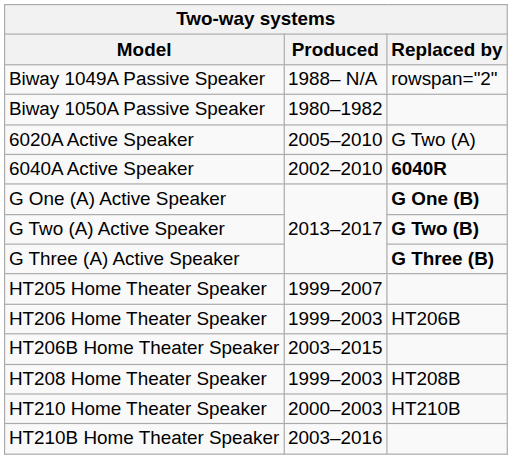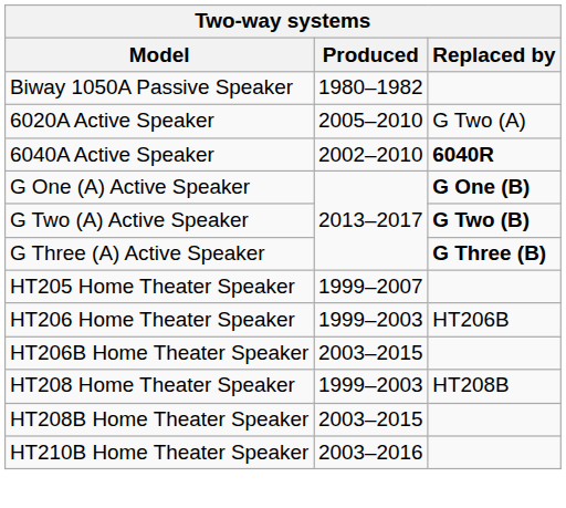 <table class="wikitable sortable mw-collapsible mw-collapsed" style="display: inline-table; margin-top: 0px; margin-bottom: 15px; margin-left: 0px; margin-right: 2.5px;">
 <tr>
 <th colspan="3">Two-way systems</th>
 </tr>
 <tr>
 <th>Model</th>
 <th>Produced</th>
 <th>Replaced by</th>
-</tr>
-<tr>
-<td data-sort-value="1049A">Biway 1049A Passive Speaker</td>
-<td style="text-align: center;">1988– N/A </td>
-<td>rowspan="2" </td>
 </tr>
 <tr>
 <td data-sort-value="1050A">Biway 1050A Passive Speaker</td>
 <td style="text-align: center;">1980–1982</td>
 </tr>
 <tr>
 <td>6020A Active Speaker</td>
 <td style="text-align: center;">2005–2010</td>
 <td data-sort-value="G2">G Two (A)</td>
 </tr>
 <tr>
 <td>6040A Active Speaker</td>
 <td style="text-align: center;">2002–2010</td>
 <td><strong>6040R</strong></td>
 </tr>
 <tr>
 <td data-sort-value="G1">G One (A) Active Speaker</td>
 <td style="text-align: center;" rowspan="3">2013–2017</td>
 <td data-sort-value="G1"><strong>G One (B)</strong></td>
 </tr>
 <tr>
 <td data-sort-value="G2">G Two (A) Active Speaker</td>
 <td data-sort-value="G2"><strong>G Two (B)</strong></td>
 </tr>
 <tr>
 <td data-sort-value="G3">G Three (A) Active Speaker</td>
 <td data-sort-value="G3"><strong>G Three (B)</strong></td>
 </tr>
 <tr>
 <td>HT205 Home Theater Speaker</td>
 <td style="text-align: center;">1999–2007</td>
 <td></td>
 </tr>
 <tr>
 <td>HT206 Home Theater Speaker</td>
 <td style="text-align: center;">1999–2003</td>
 <td>HT206B</td>
 </tr>
 <tr>
 <td>HT206B Home Theater Speaker</td>
 <td style="text-align: center;">2003–2015</td>
 <td></td>
 </tr>
 <tr>
 <td>HT208 Home Theater Speaker</td>
 <td style="text-align: center;">1999–2003</td>
 <td>HT208B</td>
 </tr>
 <tr>
-<td>HT210 Home Theater Speaker</td>
-<td style="text-align: center;">2000–2003</td>
-<td>HT210B</td>
+<td>HT208B Home Theater Speaker</td>
+<td style="text-align: center;">2003–2015</td>
+<td></td>
 </tr>
 <tr>
 <td>HT210B Home Theater Speaker</td>
 <td style="text-align: center;">2003–2016</td>
 <td></td>
 </tr>
 </table>
